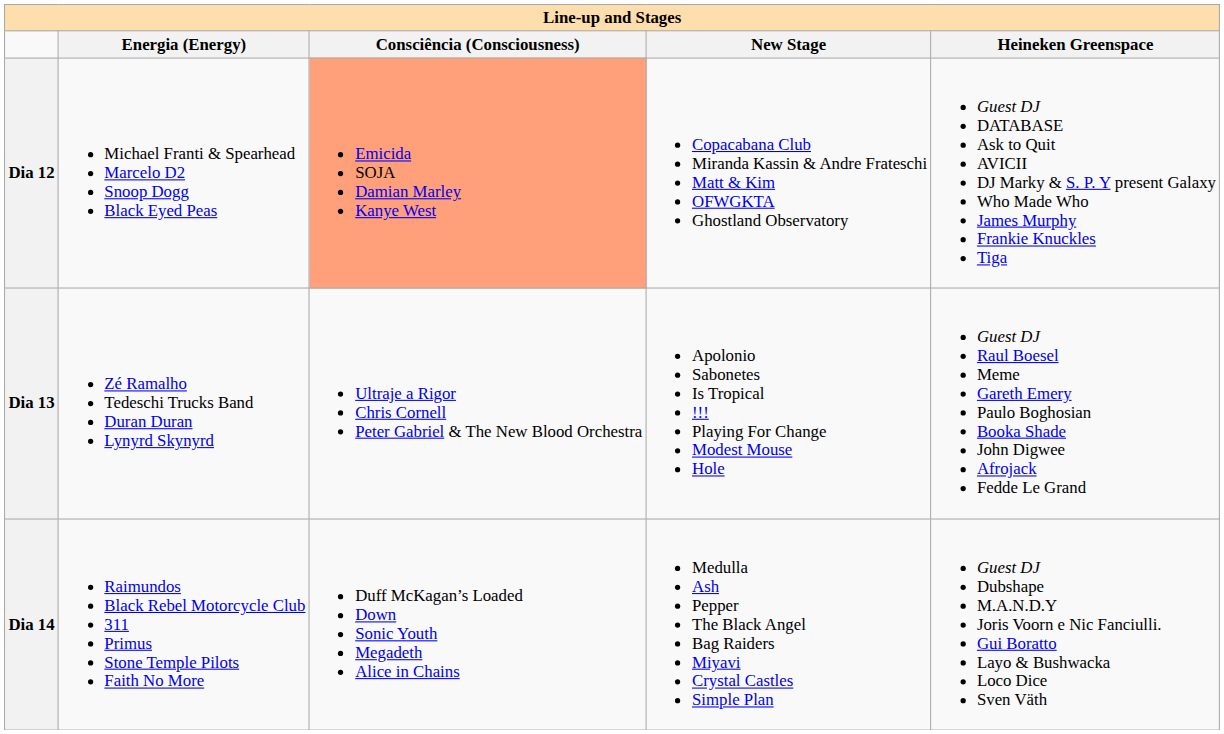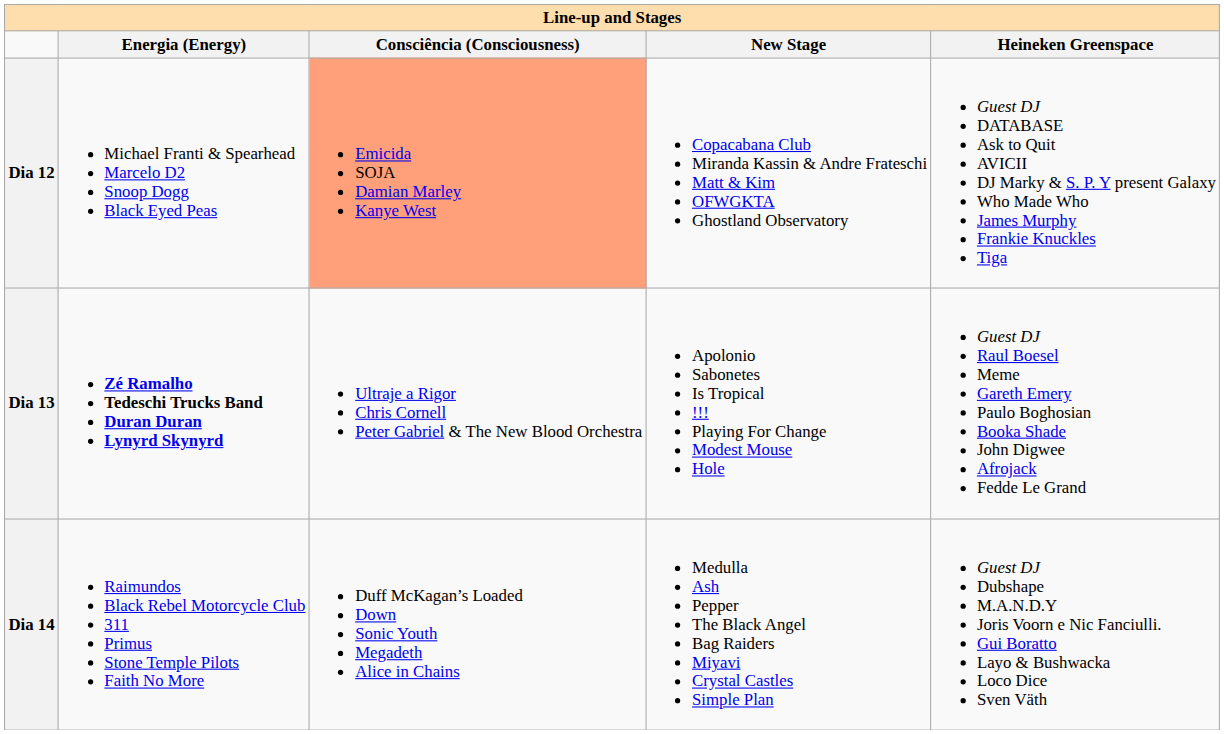 <table class="wikitable">
 <tr>
 <th colspan="5" style="background:#ffdead;">Line-up and Stages</th>
 </tr>
 <tr>
 <td></td>
 <th>Energia (Energy)</th>
 <th>Consciência (Consciousness)</th>
 <th>New Stage</th>
 <th>Heineken Greenspace</th>
 </tr>
 <tr>
 <th>Dia 12</th>
 <td align="left"><br><ul><li>Michael Franti & Spearhead</li><li><a href='#'>Marcelo D2</a></li><li><a href='#'>Snoop Dogg</a></li><li><a href='#'>Black Eyed Peas</a></li></ul></td>
 <td align="left" style="background: lightsalmon;"><br><ul><li><a href='#'>Emicida</a></li><li>SOJA</li><li><a href='#'>Damian Marley</a></li><li><a href='#'>Kanye West</a></li></ul></td>
 <td align="left"><br><ul><li><a href='#'>Copacabana Club</a></li><li>Miranda Kassin & Andre Frateschi</li><li><a href='#'>Matt & Kim</a></li><li><a href='#'>OFWGKTA</a></li><li>Ghostland Observatory</li></ul></td>
 <td align="left"><br><ul><li><em>Guest DJ</em></li><li>DATABASE</li><li>Ask to Quit</li><li>AVICII</li><li>DJ Marky & <a href='#'>S. P. Y</a> present Galaxy</li><li>Who Made Who</li><li><a href='#'>James Murphy</a></li><li><a href='#'>Frankie Knuckles</a></li><li><a href='#'>Tiga</a></li></ul></td>
 </tr>
 <tr>
 <th>Dia 13</th>
-<td align="left"><br><ul><li><a href='#'>Zé Ramalho</a></li><li>Tedeschi Trucks Band</li><li><a href='#'>Duran Duran</a></li><li><a href='#'>Lynyrd Skynyrd</a></li></ul></td>
+<td align="left"><strong><br><ul><li><a href='#'>Zé Ramalho</a></li><li>Tedeschi Trucks Band</li><li><a href='#'>Duran Duran</a></li><li><a href='#'>Lynyrd Skynyrd</a></li></ul></strong></td>
 <td align="left"><br><ul><li><a href='#'>Ultraje a Rigor</a></li><li><a href='#'>Chris Cornell</a></li><li><a href='#'>Peter Gabriel</a> & The New Blood Orchestra</li></ul></td>
 <td align="left"><br><ul><li>Apolonio</li><li>Sabonetes</li><li>Is Tropical</li><li><a href='#'>!!!</a></li><li>Playing For Change</li><li><a href='#'>Modest Mouse</a></li><li><a href='#'>Hole</a></li></ul></td>
 <td align="left"><br><ul><li><em>Guest DJ</em></li><li><a href='#'>Raul Boesel</a></li><li>Meme</li><li><a href='#'>Gareth Emery</a></li><li>Paulo Boghosian</li><li><a href='#'>Booka Shade</a></li><li>John Digwee</li><li><a href='#'>Afrojack</a></li><li>Fedde Le Grand</li></ul></td>
 </tr>
 <tr>
 <th>Dia 14</th>
 <td align="left"><br><ul><li><a href='#'>Raimundos</a></li><li><a href='#'>Black Rebel Motorcycle Club</a></li><li><a href='#'>311</a></li><li><a href='#'>Primus</a></li><li><a href='#'>Stone Temple Pilots</a></li><li><a href='#'>Faith No More</a></li></ul></td>
 <td align="left"><br><ul><li>Duff McKagan’s Loaded</li><li><a href='#'>Down</a></li><li><a href='#'>Sonic Youth</a></li><li><a href='#'>Megadeth</a></li><li><a href='#'>Alice in Chains</a></li></ul></td>
 <td align="left"><br><ul><li>Medulla</li><li><a href='#'>Ash</a></li><li>Pepper</li><li>The Black Angel</li><li>Bag Raiders</li><li><a href='#'>Miyavi</a></li><li><a href='#'>Crystal Castles</a></li><li><a href='#'>Simple Plan</a></li></ul></td>
 <td align="left"><br><ul><li><em>Guest DJ</em></li><li>Dubshape</li><li>M.A.N.D.Y</li><li>Joris Voorn e Nic Fanciulli.</li><li><a href='#'>Gui Boratto</a></li><li>Layo & Bushwacka</li><li>Loco Dice</li><li>Sven Väth</li></ul></td>
 </tr>
 </table>
